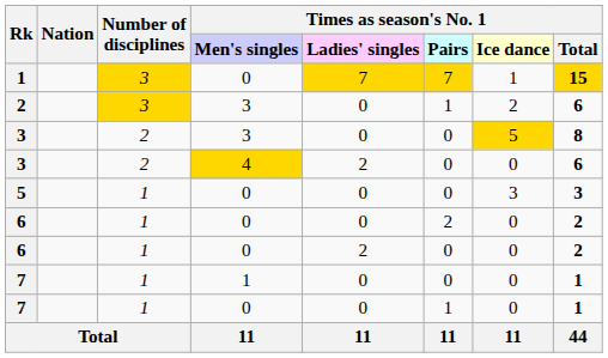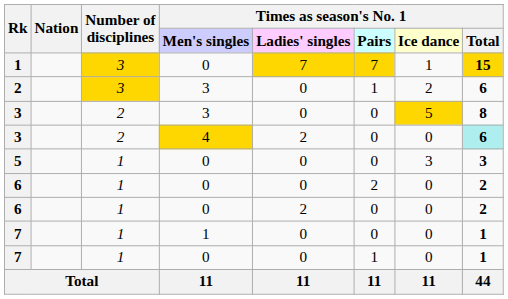 <table class="wikitable sortable" style="text-align: center;">
 <tr>
 <th rowspan="2">Rk</th>
 <th rowspan="2">Nation</th>
 <th rowspan="2">Number of<br>disciplines</th>
 <th colspan="5">Times as season's No. 1</th>
 </tr>
 <tr>
 <th style="background-color: #ccf;">Men's singles</th>
 <th style="background-color: #fcf;">Ladies' singles</th>
 <th style="background-color: #cff;">Pairs</th>
 <th style="background-color: #ffc;">Ice dance</th>
 <th>Total</th>
 </tr>
 <tr>
 <th>1</th>
 <td></td>
 <td style="background-color: gold;"><em>3</em></td>
 <td>0</td>
 <td style="background-color: gold;">7</td>
 <td style="background-color: gold;">7</td>
 <td>1</td>
 <td style="background-color: gold;"><strong>15</strong></td>
 </tr>
 <tr>
 <th>2</th>
 <td></td>
 <td style="background-color: gold;"><em>3</em></td>
 <td>3</td>
 <td>0</td>
 <td>1</td>
 <td>2</td>
 <td><strong>6</strong></td>
 </tr>
 <tr>
 <th>3</th>
 <td></td>
 <td><em>2</em></td>
 <td>3</td>
 <td>0</td>
 <td>0</td>
 <td style="background-color: gold;">5</td>
 <td><strong>8</strong></td>
 </tr>
 <tr>
 <th>3</th>
 <td></td>
 <td><em>2</em></td>
 <td style="background-color: gold;">4</td>
 <td>2</td>
 <td>0</td>
 <td>0</td>
-<td><strong>6</strong></td>
+<td style="background: paleturquoise;"><strong>6</strong></td>
 </tr>
 <tr>
 <th>5</th>
 <td></td>
 <td><em>1</em></td>
 <td>0</td>
 <td>0</td>
 <td>0</td>
 <td>3</td>
 <td><strong>3</strong></td>
 </tr>
 <tr>
 <th>6</th>
 <td></td>
 <td><em>1</em></td>
 <td>0</td>
 <td>0</td>
 <td>2</td>
 <td>0</td>
 <td><strong>2</strong></td>
 </tr>
 <tr>
 <th>6</th>
 <td></td>
 <td><em>1</em></td>
 <td>0</td>
 <td>2</td>
 <td>0</td>
 <td>0</td>
 <td><strong>2</strong></td>
 </tr>
 <tr>
 <th>7</th>
 <td></td>
 <td><em>1</em></td>
 <td>1</td>
 <td>0</td>
 <td>0</td>
 <td>0</td>
 <td><strong>1</strong></td>
 </tr>
 <tr>
 <th>7</th>
 <td></td>
 <td><em>1</em></td>
 <td>0</td>
 <td>0</td>
 <td>1</td>
 <td>0</td>
 <td><strong>1</strong></td>
 </tr>
 <tr class="sortbottom">
 <th colspan="3">Total</th>
 <th>11</th>
 <th>11</th>
 <th>11</th>
 <th>11</th>
 <th>44</th>
 </tr>
 </table>
